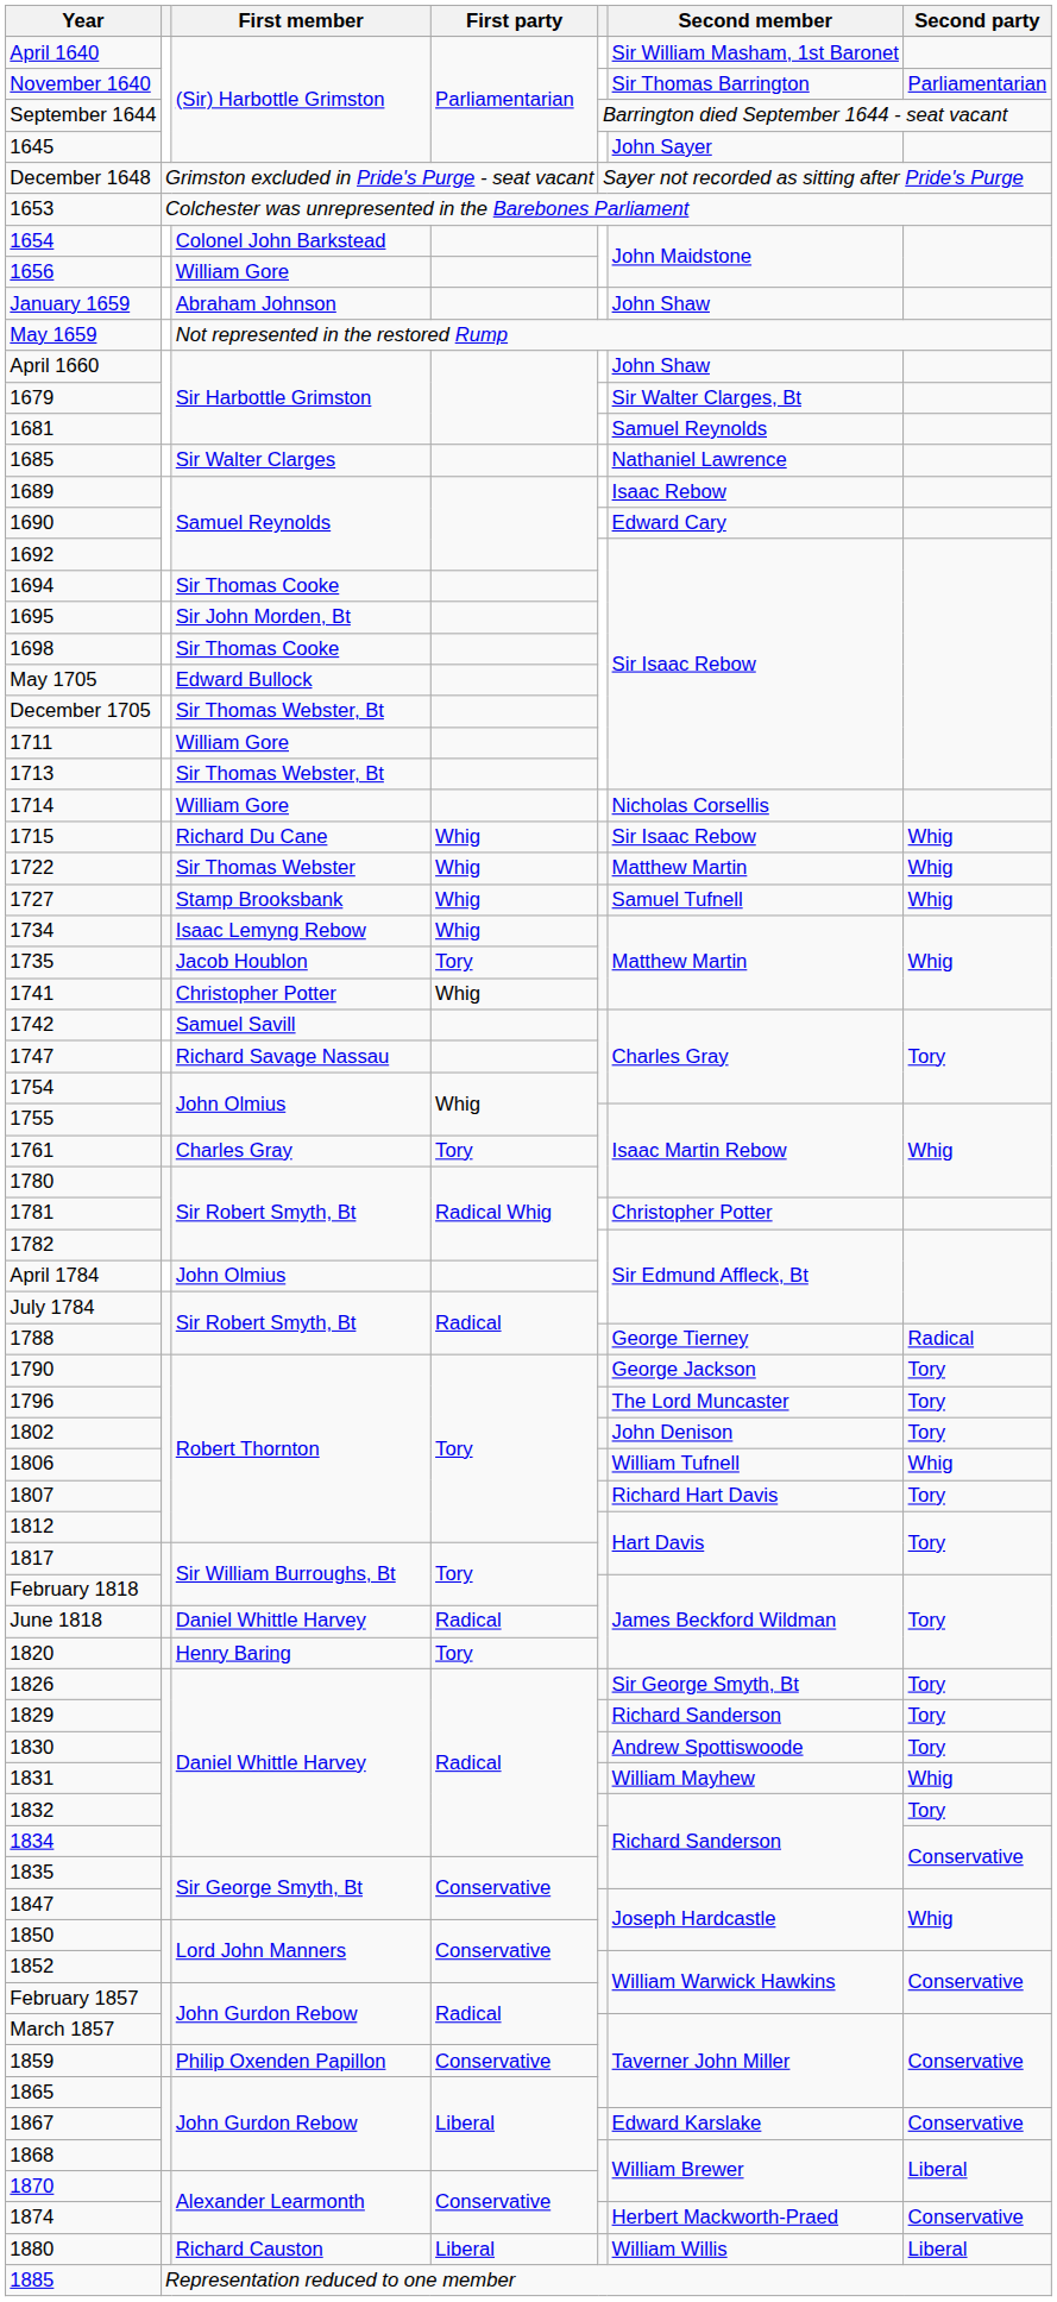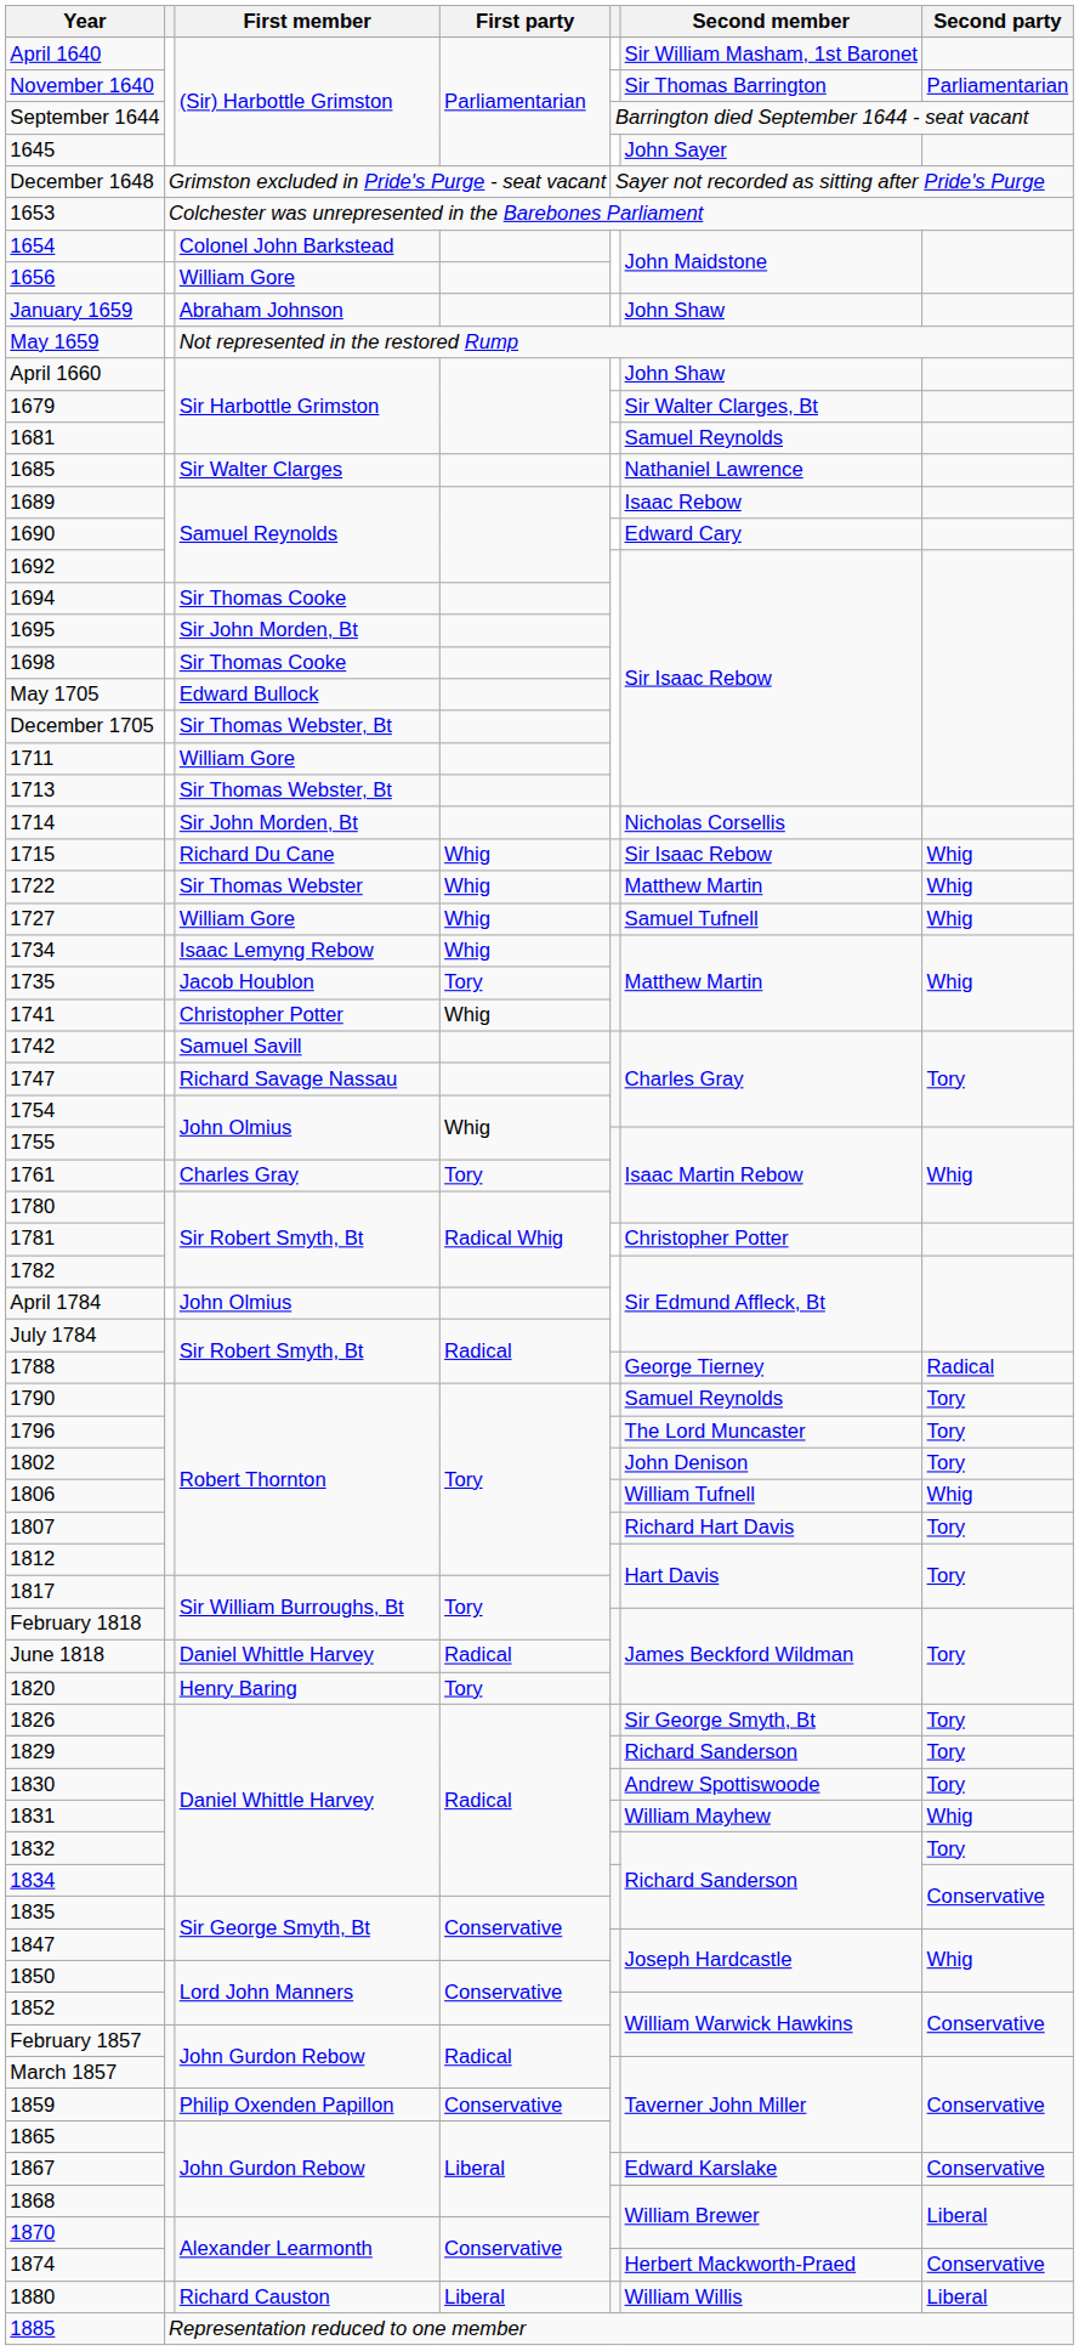 <table class="wikitable">
 <tr>
 <th>Year</th>
 <th></th>
 <th>First member</th>
 <th>First party</th>
 <th></th>
 <th>Second member</th>
 <th>Second party</th>
 </tr>
 <tr>
 </tr>
 <tr>
 <td><a href='#'>April 1640</a></td>
 <td rowspan="4" style="color:inherit;background-color: white"></td>
 <td rowspan="4"><a href='#'>(Sir) Harbottle Grimston</a></td>
 <td rowspan="4"><a href='#'>Parliamentarian</a></td>
 <td style="color:inherit;background-color: white"></td>
 <td><a href='#'>Sir William Masham, 1st Baronet</a></td>
 <td></td>
 </tr>
 <tr>
 <td><a href='#'>November 1640</a></td>
 <td style="color:inherit;background-color: white"></td>
 <td><a href='#'>Sir Thomas Barrington</a></td>
 <td><a href='#'>Parliamentarian</a></td>
 </tr>
 <tr>
 <td>September 1644</td>
 <td colspan="3"><em>Barrington died September 1644 - seat vacant</em></td>
 </tr>
 <tr>
 <td>1645</td>
 <td style="color:inherit;background-color: white"></td>
 <td><a href='#'>John Sayer</a></td>
 <td></td>
 </tr>
 <tr>
 <td>December 1648</td>
 <td colspan="3"><em>Grimston excluded in <a href='#'>Pride's Purge</a> - seat vacant</em></td>
 <td colspan="3"><em>Sayer not recorded as sitting after <a href='#'>Pride's Purge</a></em></td>
 </tr>
 <tr>
 <td>1653</td>
 <td colspan="6"><em>Colchester was unrepresented in the <a href='#'>Barebones Parliament</a></em></td>
 </tr>
 <tr>
 <td><a href='#'>1654</a></td>
 <td style="color:inherit;background-color: white"></td>
 <td><a href='#'>Colonel John Barkstead</a></td>
 <td></td>
 <td rowspan="2" style="color:inherit;background-color: white"></td>
 <td rowspan="2"><a href='#'>John Maidstone</a></td>
 <td rowspan="2"></td>
 </tr>
 <tr>
 <td><a href='#'>1656</a></td>
 <td style="color:inherit;background-color: white"></td>
 <td><a href='#'>William Gore</a></td>
 <td></td>
 </tr>
 <tr>
 <td><a href='#'>January 1659</a></td>
 <td style="color:inherit;background-color: white"></td>
 <td><a href='#'>Abraham Johnson</a></td>
 <td></td>
 <td style="color:inherit;background-color: white"></td>
 <td><a href='#'>John Shaw</a></td>
 <td></td>
 </tr>
 <tr>
 <td><a href='#'>May 1659</a></td>
 <td style="color:inherit;background-color: white"></td>
 <td colspan="6"><em>Not represented in the restored <a href='#'>Rump</a></em></td>
 </tr>
 <tr>
 <td>April 1660</td>
 <td rowspan="3" style="color:inherit;background-color: white"></td>
 <td rowspan="3"><a href='#'>Sir Harbottle Grimston</a></td>
 <td rowspan="3"></td>
 <td style="color:inherit;background-color: white"></td>
 <td><a href='#'>John Shaw</a></td>
 <td></td>
 </tr>
 <tr>
 <td>1679</td>
 <td style="color:inherit;background-color: white"></td>
 <td><a href='#'>Sir Walter Clarges, Bt</a></td>
 <td></td>
 </tr>
 <tr>
 <td>1681</td>
 <td style="color:inherit;background-color: white"></td>
 <td><a href='#'>Samuel Reynolds</a></td>
 <td></td>
 </tr>
 <tr>
 <td>1685</td>
 <td style="color:inherit;background-color: white"></td>
 <td><a href='#'>Sir Walter Clarges</a></td>
 <td></td>
 <td style="color:inherit;background-color: white"></td>
 <td><a href='#'>Nathaniel Lawrence</a></td>
 <td></td>
 </tr>
 <tr>
 <td>1689</td>
 <td rowspan="3" style="color:inherit;background-color: white"></td>
 <td rowspan="3"><a href='#'>Samuel Reynolds</a></td>
 <td rowspan="3"></td>
 <td style="color:inherit;background-color: white"></td>
 <td><a href='#'>Isaac Rebow</a></td>
 <td></td>
 </tr>
 <tr>
 <td>1690</td>
 <td style="color:inherit;background-color: white"></td>
 <td><a href='#'>Edward Cary</a></td>
 <td></td>
 </tr>
 <tr>
 <td>1692</td>
 <td rowspan="8" style="color:inherit;background-color: white"></td>
 <td rowspan="8"><a href='#'>Sir Isaac Rebow</a></td>
 <td rowspan="8"></td>
 </tr>
 <tr>
 <td>1694</td>
 <td style="color:inherit;background-color: white"></td>
 <td><a href='#'>Sir Thomas Cooke</a></td>
 <td></td>
 </tr>
 <tr>
 <td>1695</td>
 <td style="color:inherit;background-color: white"></td>
 <td><a href='#'>Sir John Morden, Bt</a></td>
 <td></td>
 </tr>
 <tr>
 <td>1698</td>
 <td style="color:inherit;background-color: white"></td>
 <td><a href='#'>Sir Thomas Cooke</a></td>
 <td></td>
 </tr>
 <tr>
 <td>May 1705</td>
 <td style="color:inherit;background-color: white"></td>
 <td><a href='#'>Edward Bullock</a></td>
 <td></td>
 </tr>
 <tr>
 <td>December 1705</td>
 <td style="color:inherit;background-color: white"></td>
 <td><a href='#'>Sir Thomas Webster, Bt</a></td>
 <td></td>
 </tr>
 <tr>
 <td>1711</td>
 <td style="color:inherit;background-color: white"></td>
 <td><a href='#'>William Gore</a></td>
 <td></td>
 </tr>
 <tr>
 <td>1713</td>
 <td style="color:inherit;background-color: white"></td>
 <td><a href='#'>Sir Thomas Webster, Bt</a></td>
 <td></td>
 </tr>
 <tr>
 <td>1714</td>
 <td style="color:inherit;background-color: white"></td>
-<td><a href='#'>William Gore</a></td>
+<td><a href='#'>Sir John Morden, Bt</a></td>
 <td></td>
 <td style="color:inherit;background-color: white"></td>
 <td><a href='#'>Nicholas Corsellis</a></td>
 <td></td>
 </tr>
 <tr>
 <td>1715</td>
 <td style="color:inherit;background-color: "></td>
 <td><a href='#'>Richard Du Cane</a></td>
 <td><a href='#'>Whig</a></td>
 <td style="color:inherit;background-color: "></td>
 <td><a href='#'>Sir Isaac Rebow</a></td>
 <td><a href='#'>Whig</a></td>
 </tr>
 <tr>
 <td>1722</td>
 <td style="color:inherit;background-color: "></td>
 <td><a href='#'>Sir Thomas Webster</a></td>
 <td><a href='#'>Whig</a></td>
 <td style="color:inherit;background-color: "></td>
 <td><a href='#'>Matthew Martin</a></td>
 <td><a href='#'>Whig</a></td>
 </tr>
 <tr>
 <td>1727</td>
 <td style="color:inherit;background-color: "></td>
-<td><a href='#'>Stamp Brooksbank</a></td>
+<td><a href='#'>William Gore</a></td>
 <td><a href='#'>Whig</a></td>
 <td style="color:inherit;background-color: "></td>
 <td><a href='#'>Samuel Tufnell</a></td>
 <td><a href='#'>Whig</a></td>
 </tr>
 <tr>
 <td>1734</td>
 <td style="color:inherit;background-color: "></td>
 <td><a href='#'>Isaac Lemyng Rebow</a></td>
 <td><a href='#'>Whig</a></td>
 <td rowspan="3" style="color:inherit;background-color: "></td>
 <td rowspan="3"><a href='#'>Matthew Martin</a></td>
 <td rowspan="3"><a href='#'>Whig</a></td>
 </tr>
 <tr>
 <td>1735</td>
 <td style="color:inherit;background-color: "></td>
 <td><a href='#'>Jacob Houblon</a></td>
 <td><a href='#'>Tory</a></td>
 </tr>
 <tr>
 <td>1741</td>
 <td style="color:inherit;background-color: "></td>
 <td><a href='#'>Christopher Potter</a></td>
 <td>Whig</td>
 </tr>
 <tr>
 <td>1742</td>
 <td style="color:inherit;background-color: white"></td>
 <td><a href='#'>Samuel Savill</a></td>
 <td></td>
 <td rowspan="3" style="color:inherit;background-color: "></td>
 <td rowspan="3"><a href='#'>Charles Gray</a></td>
 <td rowspan="3"><a href='#'>Tory</a></td>
 </tr>
 <tr>
 <td>1747</td>
 <td style="color:inherit;background-color: white"></td>
 <td><a href='#'>Richard Savage Nassau</a></td>
 <td></td>
 </tr>
 <tr>
 <td>1754</td>
 <td rowspan="2" style="color:inherit;background-color: "></td>
 <td rowspan="2"><a href='#'>John Olmius</a></td>
 <td rowspan="2">Whig</td>
 </tr>
 <tr>
 <td>1755</td>
 <td rowspan="3" style="color:inherit;background-color: "></td>
 <td rowspan="3"><a href='#'>Isaac Martin Rebow</a></td>
 <td rowspan="3"><a href='#'>Whig</a></td>
 </tr>
 <tr>
 <td>1761</td>
 <td style="color:inherit;background-color: "></td>
 <td><a href='#'>Charles Gray</a></td>
 <td><a href='#'>Tory</a></td>
 </tr>
 <tr>
 <td>1780</td>
 <td rowspan="3" style="color:inherit;background-color: "></td>
 <td rowspan="3"><a href='#'>Sir Robert Smyth, Bt</a></td>
 <td rowspan="3"><a href='#'>Radical Whig</a></td>
 </tr>
 <tr>
 <td>1781</td>
 <td style="color:inherit;background-color: white"></td>
 <td><a href='#'>Christopher Potter</a></td>
 <td></td>
 </tr>
 <tr>
 <td>1782</td>
 <td rowspan="3" style="color:inherit;background-color: white"></td>
 <td rowspan="3"><a href='#'>Sir Edmund Affleck, Bt</a></td>
 <td rowspan="3"></td>
 </tr>
 <tr>
 <td>April 1784</td>
 <td style="color:inherit;background-color: white"></td>
 <td><a href='#'>John Olmius</a></td>
 <td></td>
 </tr>
 <tr>
 <td>July 1784</td>
 <td rowspan="2" style="color:inherit;background-color: "></td>
 <td rowspan="2"><a href='#'>Sir Robert Smyth, Bt</a></td>
 <td rowspan="2"><a href='#'>Radical</a></td>
 </tr>
 <tr>
 <td>1788</td>
 <td style="color:inherit;background-color: "></td>
 <td><a href='#'>George Tierney</a></td>
 <td><a href='#'>Radical</a></td>
 </tr>
 <tr>
 <td>1790</td>
 <td rowspan="6" style="color:inherit;background-color: "></td>
 <td rowspan="6"><a href='#'>Robert Thornton</a></td>
 <td rowspan="6"><a href='#'>Tory</a></td>
 <td style="color:inherit;background-color: "></td>
-<td><a href='#'>George Jackson</a></td>
+<td><a href='#'>Samuel Reynolds</a></td>
 <td><a href='#'>Tory</a></td>
 </tr>
 <tr>
 <td>1796</td>
 <td style="color:inherit;background-color: "></td>
 <td><a href='#'>The Lord Muncaster</a></td>
 <td><a href='#'>Tory</a></td>
 </tr>
 <tr>
 <td>1802</td>
 <td style="color:inherit;background-color: "></td>
 <td><a href='#'>John Denison</a></td>
 <td><a href='#'>Tory</a></td>
 </tr>
 <tr>
 <td>1806</td>
 <td style="color:inherit;background-color: "></td>
 <td><a href='#'>William Tufnell</a></td>
 <td><a href='#'>Whig</a></td>
 </tr>
 <tr>
 <td>1807</td>
 <td style="color:inherit;background-color: "></td>
 <td><a href='#'>Richard Hart Davis</a></td>
 <td><a href='#'>Tory</a></td>
 </tr>
 <tr>
 <td>1812</td>
 <td rowspan="2" style="color:inherit;background-color: "></td>
 <td rowspan="2"><a href='#'>Hart Davis</a></td>
 <td rowspan="2"><a href='#'>Tory</a></td>
 </tr>
 <tr>
 <td>1817</td>
 <td rowspan="2" style="color:inherit;background-color: "></td>
 <td rowspan="2"><a href='#'>Sir William Burroughs, Bt</a></td>
 <td rowspan="2"><a href='#'>Tory</a></td>
 </tr>
 <tr>
 <td>February 1818</td>
 <td rowspan="3" style="color:inherit;background-color: "></td>
 <td rowspan="3"><a href='#'>James Beckford Wildman</a></td>
 <td rowspan="3"><a href='#'>Tory</a></td>
 </tr>
 <tr>
 <td>June 1818</td>
 <td style="color:inherit;background-color: "></td>
 <td><a href='#'>Daniel Whittle Harvey</a></td>
 <td><a href='#'>Radical</a></td>
 </tr>
 <tr>
 <td>1820</td>
 <td style="color:inherit;background-color: "></td>
 <td><a href='#'>Henry Baring</a></td>
 <td><a href='#'>Tory</a></td>
 </tr>
 <tr>
 <td>1826</td>
 <td rowspan="6" style="color:inherit;background-color: "></td>
 <td rowspan="6"><a href='#'>Daniel Whittle Harvey</a></td>
 <td rowspan="6"><a href='#'>Radical</a></td>
 <td style="color:inherit;background-color: "></td>
 <td><a href='#'>Sir George Smyth, Bt</a></td>
 <td><a href='#'>Tory</a></td>
 </tr>
 <tr>
 <td>1829</td>
 <td style="color:inherit;background-color: "></td>
 <td><a href='#'>Richard Sanderson</a></td>
 <td><a href='#'>Tory</a></td>
 </tr>
 <tr>
 <td>1830</td>
 <td style="color:inherit;background-color: "></td>
 <td><a href='#'>Andrew Spottiswoode</a></td>
 <td><a href='#'>Tory</a></td>
 </tr>
 <tr>
 <td>1831</td>
 <td style="color:inherit;background-color: "></td>
 <td><a href='#'>William Mayhew</a></td>
 <td><a href='#'>Whig</a></td>
 </tr>
 <tr>
 <td>1832</td>
 <td style="color:inherit;background-color: "></td>
 <td rowspan="3"><a href='#'>Richard Sanderson</a></td>
 <td><a href='#'>Tory</a></td>
 </tr>
 <tr>
 <td><a href='#'>1834</a></td>
 <td rowspan="2" style="color:inherit;background-color: "></td>
 <td rowspan="2"><a href='#'>Conservative</a></td>
 </tr>
 <tr>
 <td>1835</td>
 <td rowspan="2" style="color:inherit;background-color: "></td>
 <td rowspan="2"><a href='#'>Sir George Smyth, Bt</a></td>
 <td rowspan="2"><a href='#'>Conservative</a></td>
 </tr>
 <tr>
 <td>1847</td>
 <td rowspan="2" style="color:inherit;background-color: "></td>
 <td rowspan="2"><a href='#'>Joseph Hardcastle</a></td>
 <td rowspan="2"><a href='#'>Whig</a></td>
 </tr>
 <tr>
 <td>1850</td>
 <td rowspan="2" style="color:inherit;background-color: "></td>
 <td rowspan="2"><a href='#'>Lord John Manners</a></td>
 <td rowspan="2"><a href='#'>Conservative</a></td>
 </tr>
 <tr>
 <td>1852</td>
 <td rowspan="2" style="color:inherit;background-color: "></td>
 <td rowspan="2"><a href='#'>William Warwick Hawkins</a></td>
 <td rowspan="2"><a href='#'>Conservative</a></td>
 </tr>
 <tr>
 <td>February 1857</td>
 <td rowspan="2" style="color:inherit;background-color: "></td>
 <td rowspan="2"><a href='#'>John Gurdon Rebow</a></td>
 <td rowspan="2"><a href='#'>Radical</a></td>
 </tr>
 <tr>
 <td>March 1857</td>
 <td rowspan="3" style="color:inherit;background-color: "></td>
 <td rowspan="3"><a href='#'>Taverner John Miller</a></td>
 <td rowspan="3"><a href='#'>Conservative</a></td>
 </tr>
 <tr>
 <td>1859</td>
 <td style="color:inherit;background-color: "></td>
 <td><a href='#'>Philip Oxenden Papillon</a></td>
 <td><a href='#'>Conservative</a></td>
 </tr>
 <tr>
 <td>1865</td>
 <td rowspan="3" style="color:inherit;background-color: "></td>
 <td rowspan="3"><a href='#'>John Gurdon Rebow</a></td>
 <td rowspan="3"><a href='#'>Liberal</a></td>
 </tr>
 <tr>
 <td>1867</td>
 <td style="color:inherit;background-color: "></td>
 <td><a href='#'>Edward Karslake</a></td>
 <td><a href='#'>Conservative</a></td>
 </tr>
 <tr>
 <td>1868</td>
 <td rowspan="2" style="color:inherit;background-color: "></td>
 <td rowspan="2"><a href='#'>William Brewer</a></td>
 <td rowspan="2"><a href='#'>Liberal</a></td>
 </tr>
 <tr>
 <td><a href='#'>1870</a></td>
 <td rowspan="2" style="color:inherit;background-color: "></td>
 <td rowspan="2"><a href='#'>Alexander Learmonth</a></td>
 <td rowspan="2"><a href='#'>Conservative</a></td>
 </tr>
 <tr>
 <td>1874</td>
 <td style="color:inherit;background-color: "></td>
 <td><a href='#'>Herbert Mackworth-Praed</a></td>
 <td><a href='#'>Conservative</a></td>
 </tr>
 <tr>
 <td>1880</td>
 <td style="color:inherit;background-color: "></td>
 <td><a href='#'>Richard Causton</a></td>
 <td><a href='#'>Liberal</a></td>
 <td style="color:inherit;background-color: "></td>
 <td><a href='#'>William Willis</a></td>
 <td><a href='#'>Liberal</a></td>
 </tr>
 <tr>
 <td><a href='#'>1885</a></td>
 <td colspan="6"><em>Representation reduced to one member</em></td>
 </tr>
 </table>
